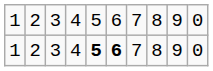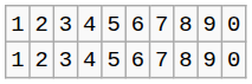 <table class="wikitable">
 <tr>
 <td>1</td>
 <td>2</td>
 <td>3</td>
 <td>4</td>
 <td>5</td>
 <td>6</td>
 <td>7</td>
 <td>8</td>
 <td>9</td>
 <td>0</td>
 </tr>
 <tr>
 <td>1</td>
 <td>2</td>
 <td>3</td>
 <td>4</td>
-<td><strong>5</strong></td>
-<td><strong>6</strong></td>
+<td>5</td>
+<td>6</td>
 <td>7</td>
 <td>8</td>
 <td>9</td>
 <td>0</td>
 </tr>
 </table>
